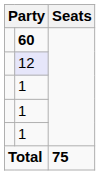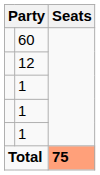 <table class="wikitable">
 <tr>
 <th colspan=2>Party</th>
 <th>Seats</th>
 </tr>
 <tr>
 <td></td>
-<td><strong>60</strong></td>
+<td>60</td>
 </tr>
 <tr>
 <td></td>
-<td style="background: lavender;">12</td>
+<td>12</td>
 </tr>
 <tr>
 <td></td>
 <td>1</td>
 </tr>
 <tr>
 <td></td>
 <td>1</td>
 </tr>
 <tr>
 <td></td>
 <td>1</td>
 </tr>
 <tr>
 <td colspan="2"><strong>Total</strong></td>
-<td><strong>75</strong></td>
+<td style="background: lightsalmon;"><strong>75</strong></td>
 </tr>
 </table>
